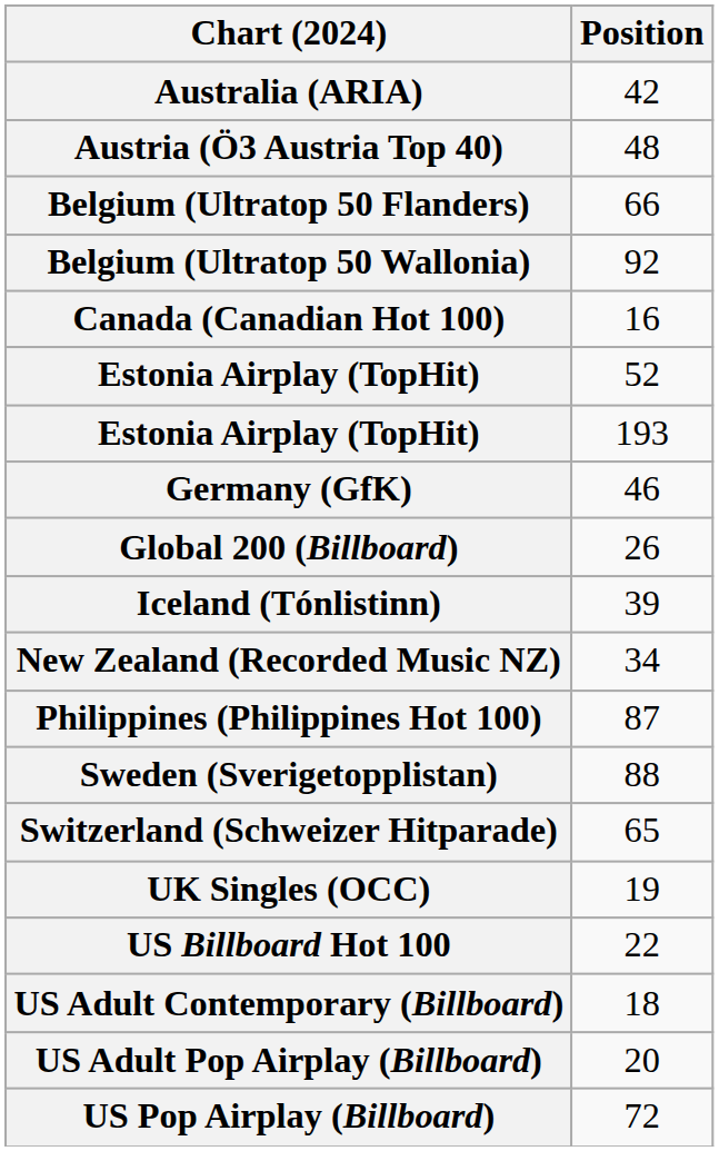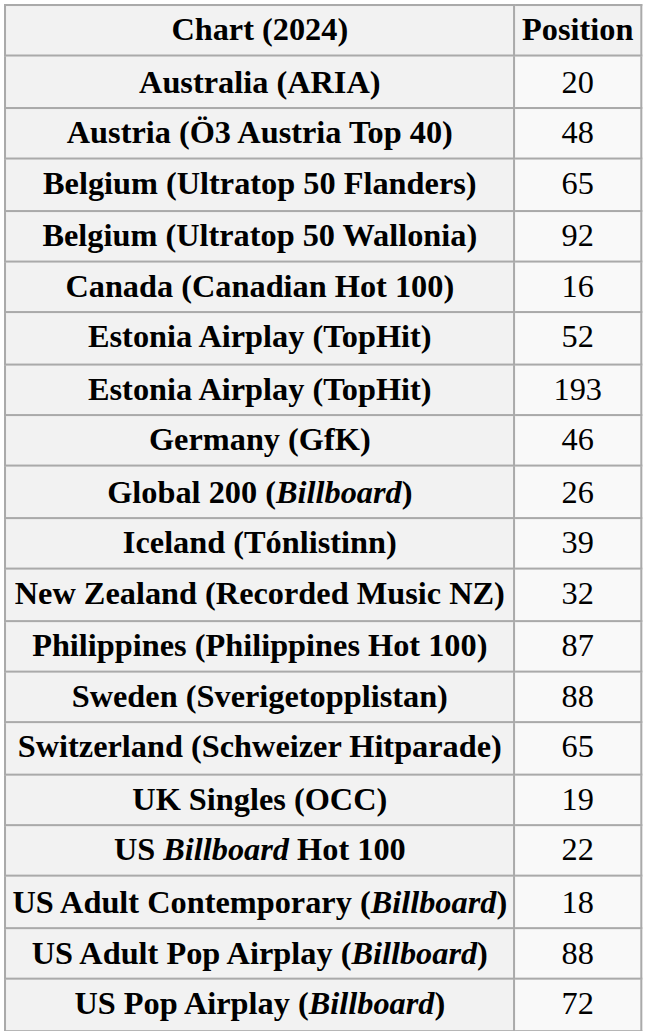 <table class="wikitable sortable plainrowheaders" style="text-align:center">
 <tr>
 <th scope="col">Chart (2024)</th>
 <th scope="col">Position</th>
 </tr>
 <tr>
 <th scope="row">Australia (ARIA)</th>
-<td>42</td>
+<td>20</td>
 </tr>
 <tr>
 <th scope="row">Austria (Ö3 Austria Top 40)</th>
 <td>48</td>
 </tr>
 <tr>
 <th scope="row">Belgium (Ultratop 50 Flanders)</th>
-<td>66</td>
+<td>65</td>
 </tr>
 <tr>
 <th scope="row">Belgium (Ultratop 50 Wallonia)</th>
 <td>92</td>
 </tr>
 <tr>
 <th scope="row">Canada (Canadian Hot 100)</th>
 <td>16</td>
 </tr>
 <tr>
 <th scope="row">Estonia Airplay (TopHit)</th>
 <td>52</td>
 </tr>
 <tr>
 <th scope="row">Estonia Airplay (TopHit)<br></th>
 <td>193</td>
 </tr>
 <tr>
 <th scope="row">Germany (GfK)</th>
 <td>46</td>
 </tr>
 <tr>
 <th scope="row">Global 200 (<em>Billboard</em>)</th>
 <td>26</td>
 </tr>
 <tr>
 <th scope="row">Iceland (Tónlistinn)</th>
 <td>39</td>
 </tr>
 <tr>
 <th scope="row">New Zealand (Recorded Music NZ)</th>
-<td>34</td>
+<td>32</td>
 </tr>
 <tr>
 <th scope="row">Philippines (Philippines Hot 100)</th>
 <td>87</td>
 </tr>
 <tr>
 <th scope="row">Sweden (Sverigetopplistan)</th>
 <td>88</td>
 </tr>
 <tr>
 <th scope="row">Switzerland (Schweizer Hitparade)</th>
 <td>65</td>
 </tr>
 <tr>
 <th scope="row">UK Singles (OCC)</th>
 <td>19</td>
 </tr>
 <tr>
 <th scope="row">US <em>Billboard</em> Hot 100</th>
 <td>22</td>
 </tr>
 <tr>
 <th scope="row">US Adult Contemporary (<em>Billboard</em>)</th>
 <td>18</td>
 </tr>
 <tr>
 <th scope="row">US Adult Pop Airplay (<em>Billboard</em>)</th>
-<td>20</td>
+<td>88</td>
 </tr>
 <tr>
 <th scope="row">US Pop Airplay (<em>Billboard</em>)</th>
 <td>72</td>
 </tr>
 </table>
